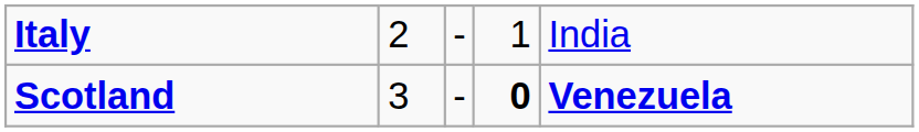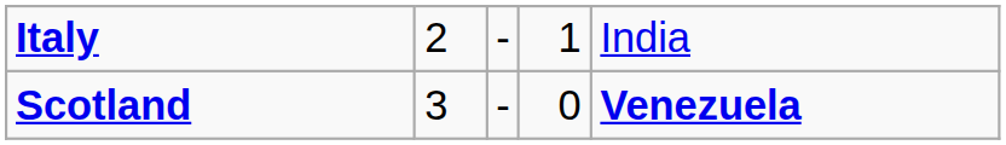 <table class="wikitable">
 <tr>
 <td width=150> <strong><a href='#'>Italy</a></strong></td>
 <td style="width:20px; text-align:left;">2</td>
 <td>-</td>
 <td style="width:20px; text-align:right;">1</td>
 <td width=150> <a href='#'>India</a></td>
 </tr>
 <tr>
 <td> <strong><a href='#'>Scotland</a></strong></td>
 <td style="text-align:left;">3</td>
 <td>-</td>
-<td style="text-align:right;"><strong>0</strong></td>
+<td style="text-align:right;">0</td>
 <td><strong> <a href='#'>Venezuela</a></strong></td>
 </tr>
 </table>
